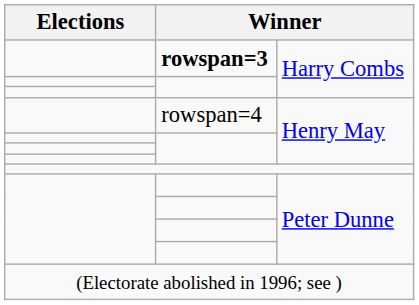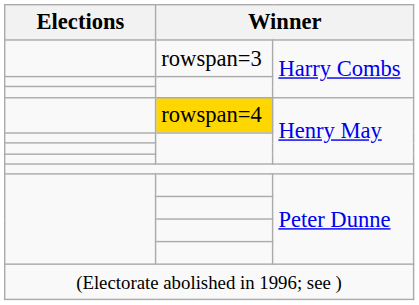 <table class=wikitable>
 <tr>
 <th width=100>Elections</th>
 <th width=175 colspan= 2>Winner</th>
 </tr>
 <tr>
 <td></td>
-<td><strong>rowspan=3 </strong></td>
+<td>rowspan=3 </td>
 <td rowspan=3><a href='#'>Harry Combs</a></td>
 </tr>
 <tr>
 <td></td>
 </tr>
 <tr>
 <td></td>
 </tr>
 <tr>
 <td></td>
-<td>rowspan=4 </td>
+<td style="background: gold;">rowspan=4 </td>
 <td rowspan=4><a href='#'>Henry May</a></td>
 </tr>
 <tr>
 <td></td>
 </tr>
 <tr>
 <td></td>
 </tr>
 <tr>
 <td></td>
 </tr>
 <tr>
 <td colspan=3 align=center></td>
 </tr>
 <tr>
 <td rowspan=4 height=56></td>
 <td></td>
 <td rowspan=4><a href='#'>Peter Dunne</a></td>
 </tr>
 <tr>
 <td></td>
 </tr>
 <tr>
 <td></td>
 </tr>
 <tr>
 <td></td>
 </tr>
 <tr>
 <td colspan=3 align=center><small>(Electorate abolished in 1996; see )</small></td>
 </tr>
 </table>
